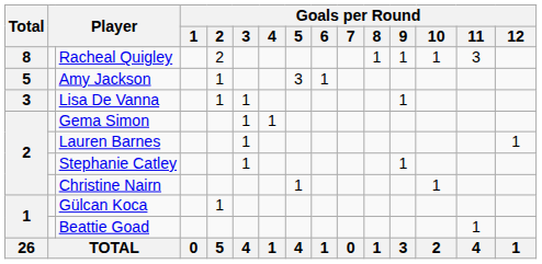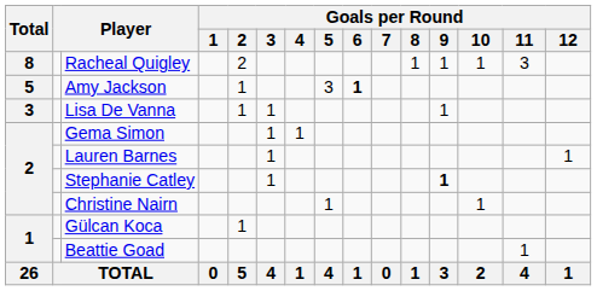 <table class="wikitable" style="text-align:center; line-height: 90%; font-size:90%;">
 <tr>
 <th rowspan="2">Total</th>
 <th rowspan="2" colspan="2">Player</th>
 <th colspan="12" style="width:324px;">Goals per Round</th>
 </tr>
 <tr>
 <th>1</th>
 <th>2</th>
 <th>3</th>
 <th>4</th>
 <th>5</th>
 <th>6</th>
 <th>7</th>
 <th>8</th>
 <th>9</th>
 <th>10</th>
 <th>11</th>
 <th>12</th>
 </tr>
 <tr>
 <th rowspan="1">8</th>
 <td></td>
 <td style="text-align:left;"><a href='#'>Racheal Quigley</a></td>
 <td></td>
 <td>2</td>
 <td></td>
 <td></td>
 <td></td>
 <td></td>
 <td></td>
 <td>1</td>
 <td>1</td>
 <td>1</td>
 <td>3</td>
 <td></td>
 </tr>
 <tr>
 <th rowspan="1">5</th>
 <td></td>
 <td style="text-align:left;"><a href='#'>Amy Jackson</a></td>
 <td></td>
 <td>1</td>
 <td></td>
 <td></td>
 <td>3</td>
-<td>1</td>
+<td><strong>1</strong></td>
 <td></td>
 <td></td>
 <td></td>
 <td></td>
 <td></td>
 <td></td>
 </tr>
 <tr>
 <th rowspan="1">3</th>
 <td></td>
 <td style="text-align:left;"><a href='#'>Lisa De Vanna</a></td>
 <td></td>
 <td>1</td>
 <td>1</td>
 <td></td>
 <td></td>
 <td></td>
 <td></td>
 <td></td>
 <td>1</td>
 <td></td>
 <td></td>
 <td></td>
 </tr>
 <tr>
 <th rowspan="4">2</th>
 <td></td>
 <td style="text-align:left;"><a href='#'>Gema Simon</a></td>
 <td></td>
 <td></td>
 <td>1</td>
 <td>1</td>
 <td></td>
 <td></td>
 <td></td>
 <td></td>
 <td></td>
 <td></td>
 <td></td>
 <td></td>
 </tr>
 <tr>
 <td></td>
 <td style="text-align:left;"><a href='#'>Lauren Barnes</a></td>
 <td></td>
 <td></td>
 <td>1</td>
 <td></td>
 <td></td>
 <td></td>
 <td></td>
 <td></td>
 <td></td>
 <td></td>
 <td></td>
 <td>1</td>
 </tr>
 <tr>
 <td></td>
 <td style="text-align:left;"><a href='#'>Stephanie Catley</a></td>
 <td></td>
 <td></td>
 <td>1</td>
 <td></td>
 <td></td>
 <td></td>
 <td></td>
 <td></td>
-<td>1</td>
+<td><strong>1</strong></td>
 <td></td>
 <td></td>
 <td></td>
 </tr>
 <tr>
 <td></td>
 <td style="text-align:left;"><a href='#'>Christine Nairn</a></td>
 <td></td>
 <td></td>
 <td></td>
 <td></td>
 <td>1</td>
 <td></td>
 <td></td>
 <td></td>
 <td></td>
 <td>1</td>
 <td></td>
 <td></td>
 </tr>
 <tr>
 <th rowspan="2">1</th>
 <td></td>
 <td style="text-align:left;"><a href='#'>Gülcan Koca</a></td>
 <td></td>
 <td>1</td>
 <td></td>
 <td></td>
 <td></td>
 <td></td>
 <td></td>
 <td></td>
 <td></td>
 <td></td>
 <td></td>
 <td></td>
 </tr>
 <tr>
 <td></td>
 <td style="text-align:left;"><a href='#'>Beattie Goad</a></td>
 <td></td>
 <td></td>
 <td></td>
 <td></td>
 <td></td>
 <td></td>
 <td></td>
 <td></td>
 <td></td>
 <td></td>
 <td>1</td>
 <td></td>
 </tr>
 <tr>
 <th rowspan="1">26</th>
 <th colspan="2">TOTAL</th>
 <th style="text-align:center;">0</th>
 <th>5</th>
 <th>4</th>
 <th>1</th>
 <th>4</th>
 <th>1</th>
 <th>0</th>
 <th>1</th>
 <th>3</th>
 <th>2</th>
 <th>4</th>
 <th>1</th>
 </tr>
 </table>
